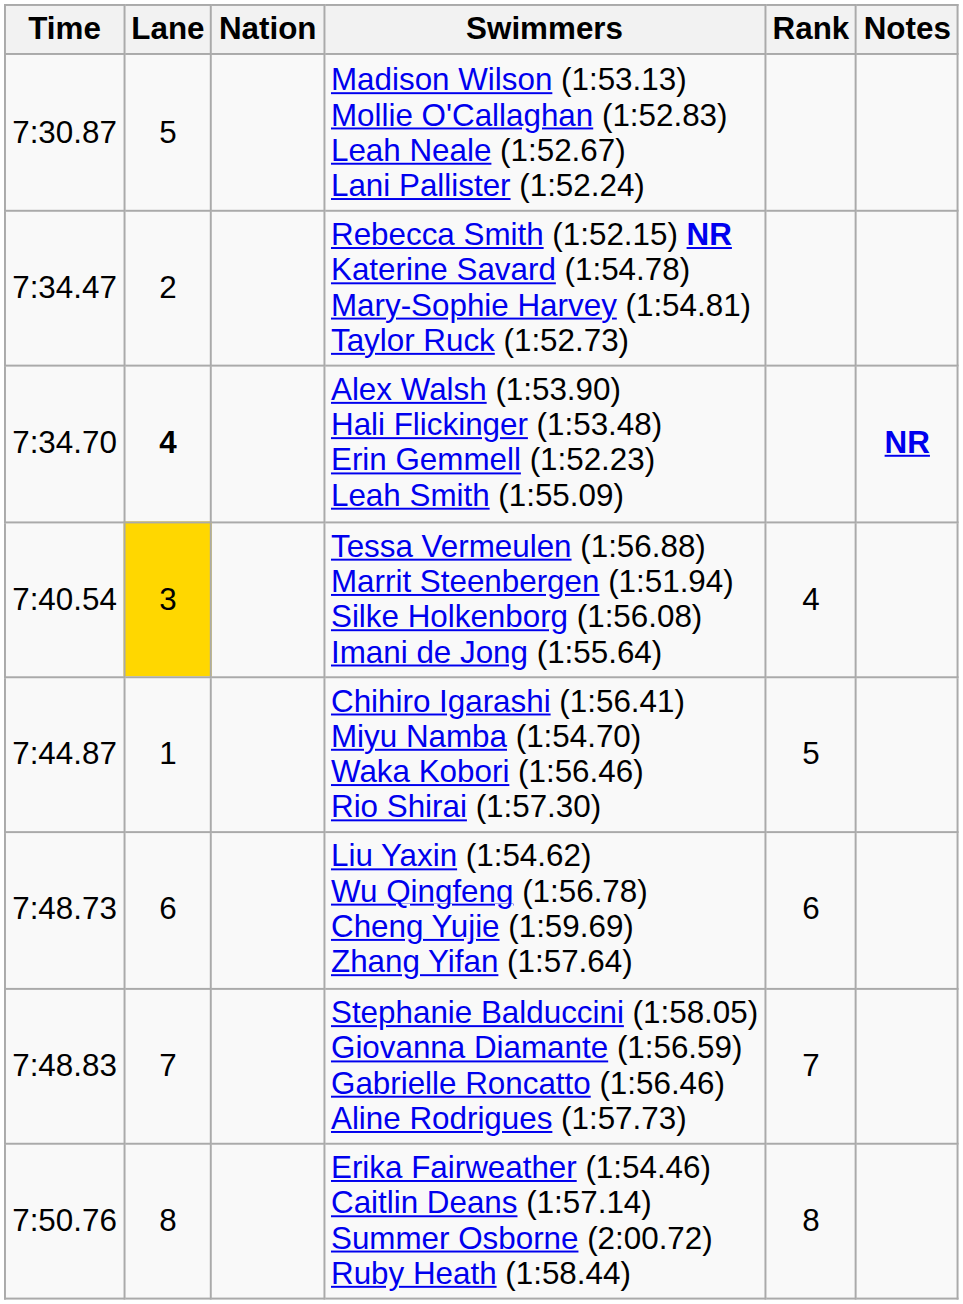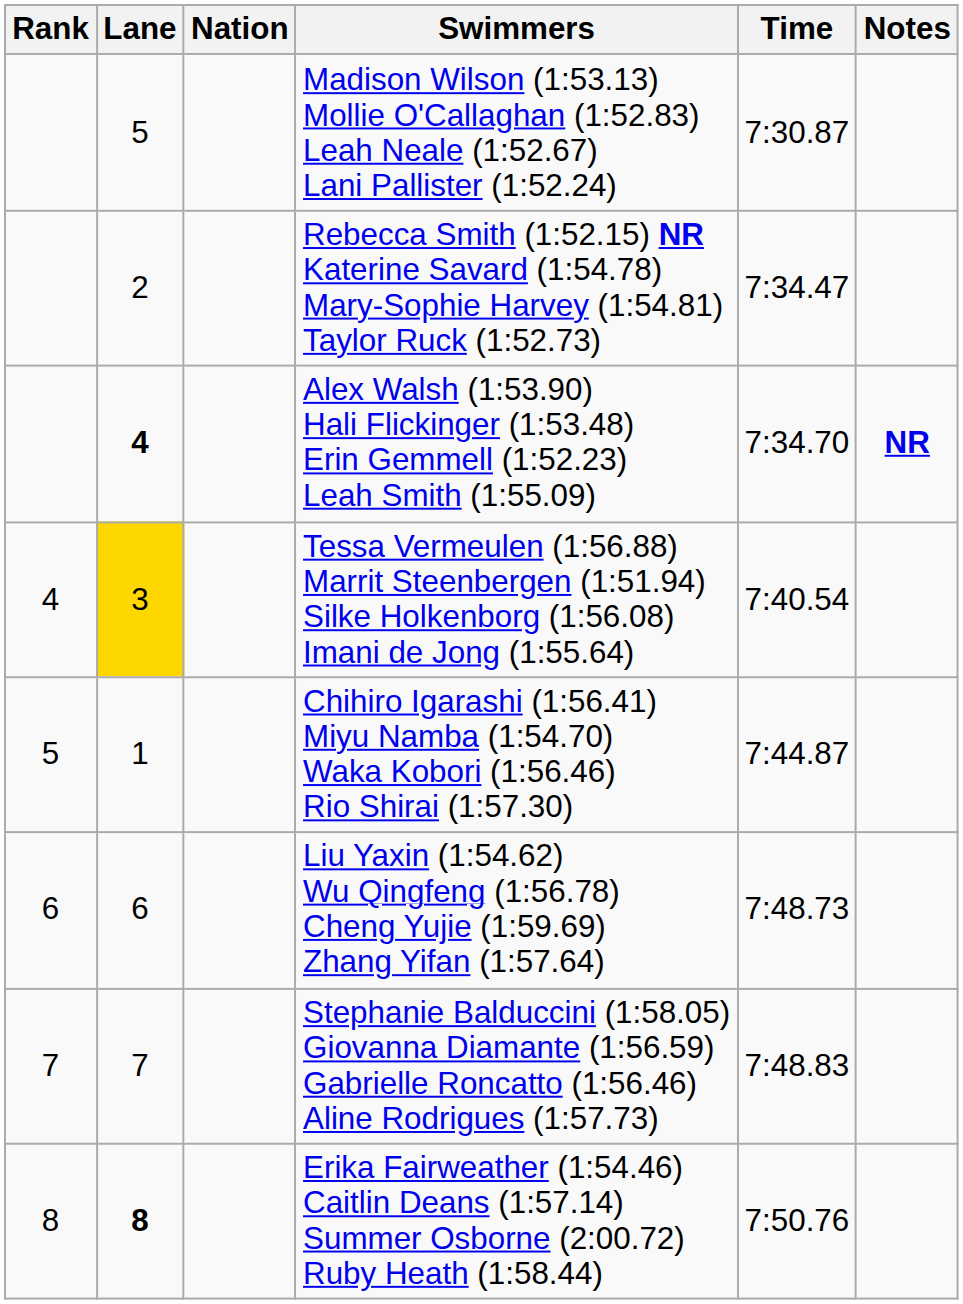 <table class="wikitable sortable" style="text-align:center">
 <tr>
-<th>Time</th>
+<th>Rank</th>
 <th>Lane</th>
 <th>Nation</th>
 <th>Swimmers</th>
-<th>Rank</th>
+<th>Time</th>
 <th>Notes</th>
 </tr>
 <tr>
-<td>7:30.87</td>
+<td></td>
 <td>5</td>
 <td align=left></td>
 <td align=left><a href='#'>Madison Wilson</a> (1:53.13)<br><a href='#'>Mollie O'Callaghan</a> (1:52.83)<br><a href='#'>Leah Neale</a> (1:52.67)<br><a href='#'>Lani Pallister</a> (1:52.24)</td>
-<td></td>
+<td>7:30.87</td>
 <td></td>
 </tr>
 <tr>
-<td>7:34.47</td>
+<td></td>
 <td>2</td>
 <td align=left></td>
 <td align=left><a href='#'>Rebecca Smith</a> (1:52.15) <strong><a href='#'>NR</a></strong><br><a href='#'>Katerine Savard</a> (1:54.78)<br><a href='#'>Mary-Sophie Harvey</a> (1:54.81)<br><a href='#'>Taylor Ruck</a> (1:52.73)</td>
-<td></td>
+<td>7:34.47</td>
 <td></td>
 </tr>
 <tr>
-<td>7:34.70</td>
+<td></td>
 <td><strong>4</strong></td>
 <td align=left></td>
 <td align=left><a href='#'>Alex Walsh</a> (1:53.90)<br><a href='#'>Hali Flickinger</a> (1:53.48)<br><a href='#'>Erin Gemmell</a> (1:52.23)<br><a href='#'>Leah Smith</a> (1:55.09)</td>
-<td></td>
+<td>7:34.70</td>
 <td><strong><a href='#'>NR</a></strong></td>
 </tr>
 <tr>
-<td>7:40.54</td>
+<td>4</td>
 <td style="background: gold;">3</td>
 <td align=left></td>
 <td align=left><a href='#'>Tessa Vermeulen</a> (1:56.88)<br><a href='#'>Marrit Steenbergen</a> (1:51.94)<br><a href='#'>Silke Holkenborg</a> (1:56.08)<br><a href='#'>Imani de Jong</a> (1:55.64)</td>
-<td>4</td>
+<td>7:40.54</td>
 <td></td>
 </tr>
 <tr>
-<td>7:44.87</td>
+<td>5</td>
 <td>1</td>
 <td align=left></td>
 <td align=left><a href='#'>Chihiro Igarashi</a> (1:56.41)<br><a href='#'>Miyu Namba</a> (1:54.70)<br><a href='#'>Waka Kobori</a> (1:56.46)<br><a href='#'>Rio Shirai</a> (1:57.30)</td>
-<td>5</td>
+<td>7:44.87</td>
 <td></td>
 </tr>
 <tr>
-<td>7:48.73</td>
+<td>6</td>
 <td>6</td>
 <td align=left></td>
 <td align=left><a href='#'>Liu Yaxin</a> (1:54.62)<br><a href='#'>Wu Qingfeng</a> (1:56.78)<br><a href='#'>Cheng Yujie</a> (1:59.69)<br><a href='#'>Zhang Yifan</a> (1:57.64)</td>
-<td>6</td>
+<td>7:48.73</td>
 <td></td>
 </tr>
 <tr>
-<td>7:48.83</td>
+<td>7</td>
 <td>7</td>
 <td align=left></td>
 <td align=left><a href='#'>Stephanie Balduccini</a> (1:58.05)<br><a href='#'>Giovanna Diamante</a> (1:56.59)<br><a href='#'>Gabrielle Roncatto</a> (1:56.46)<br><a href='#'>Aline Rodrigues</a> (1:57.73)</td>
-<td>7</td>
+<td>7:48.83</td>
 <td></td>
 </tr>
 <tr>
-<td>7:50.76</td>
 <td>8</td>
+<td><strong>8</strong></td>
 <td align=left></td>
 <td align=left><a href='#'>Erika Fairweather</a> (1:54.46)<br><a href='#'>Caitlin Deans</a> (1:57.14)<br><a href='#'>Summer Osborne</a> (2:00.72)<br><a href='#'>Ruby Heath</a> (1:58.44)</td>
-<td>8</td>
+<td>7:50.76</td>
 <td></td>
 </tr>
 </table>
